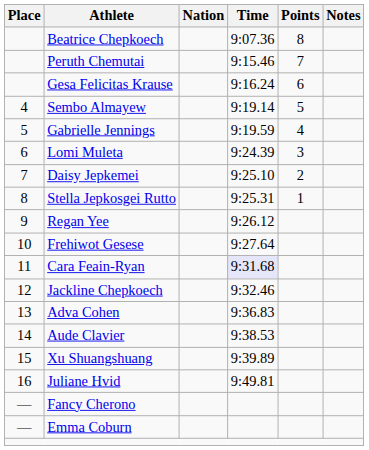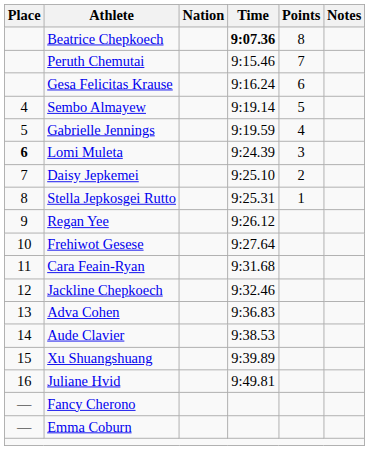 <table class="wikitable mw-datatable sortable" style="text-align:center;">
 <tr>
 <th scope="col">Place</th>
 <th scope="col">Athlete</th>
 <th scope="col">Nation</th>
 <th scope="col">Time</th>
 <th scope="col">Points</th>
 <th scope="col">Notes</th>
 </tr>
 <tr>
 <td></td>
 <td align="left"><a href='#'>Beatrice Chepkoech</a></td>
 <td align="left"></td>
-<td>9:07.36</td>
+<td><strong>9:07.36</strong></td>
 <td>8</td>
 <td></td>
 </tr>
 <tr>
 <td></td>
 <td align="left"><a href='#'>Peruth Chemutai</a></td>
 <td align="left"></td>
 <td>9:15.46</td>
 <td>7</td>
 <td></td>
 </tr>
 <tr>
 <td></td>
 <td align="left"><a href='#'>Gesa Felicitas Krause</a></td>
 <td align="left"></td>
 <td>9:16.24</td>
 <td>6</td>
 <td></td>
 </tr>
 <tr>
 <td>4</td>
 <td align="left"><a href='#'>Sembo Almayew</a></td>
 <td align="left"></td>
 <td>9:19.14</td>
 <td>5</td>
 <td></td>
 </tr>
 <tr>
 <td>5</td>
 <td align="left"><a href='#'>Gabrielle Jennings</a></td>
 <td align="left"></td>
 <td>9:19.59</td>
 <td>4</td>
 <td></td>
 </tr>
 <tr>
-<td>6</td>
+<td><strong>6</strong></td>
 <td align="left"><a href='#'>Lomi Muleta</a></td>
 <td align="left"></td>
 <td>9:24.39</td>
 <td>3</td>
 <td></td>
 </tr>
 <tr>
 <td>7</td>
 <td align="left"><a href='#'>Daisy Jepkemei</a></td>
 <td align="left"></td>
 <td>9:25.10</td>
 <td>2</td>
 <td></td>
 </tr>
 <tr>
 <td>8</td>
 <td align="left"><a href='#'>Stella Jepkosgei Rutto</a></td>
 <td align="left"></td>
 <td>9:25.31</td>
 <td>1</td>
 <td></td>
 </tr>
 <tr>
 <td>9</td>
 <td align="left"><a href='#'>Regan Yee</a></td>
 <td align="left"></td>
 <td>9:26.12</td>
 <td></td>
 <td></td>
 </tr>
 <tr>
 <td>10</td>
 <td align="left"><a href='#'>Frehiwot Gesese</a></td>
 <td align="left"></td>
 <td>9:27.64</td>
 <td></td>
 <td></td>
 </tr>
 <tr>
 <td>11</td>
 <td align="left"><a href='#'>Cara Feain-Ryan</a></td>
 <td align="left"></td>
-<td style="background: lavender;">9:31.68</td>
+<td>9:31.68</td>
 <td></td>
 <td></td>
 </tr>
 <tr>
 <td>12</td>
 <td align="left"><a href='#'>Jackline Chepkoech</a></td>
 <td align="left"></td>
 <td>9:32.46</td>
 <td></td>
 <td></td>
 </tr>
 <tr>
 <td>13</td>
 <td align="left"><a href='#'>Adva Cohen</a></td>
 <td align="left"></td>
 <td>9:36.83</td>
 <td></td>
 <td></td>
 </tr>
 <tr>
 <td>14</td>
 <td align="left"><a href='#'>Aude Clavier</a></td>
 <td align="left"></td>
 <td>9:38.53</td>
 <td></td>
 <td></td>
 </tr>
 <tr>
 <td>15</td>
 <td align="left"><a href='#'>Xu Shuangshuang</a></td>
 <td align="left"></td>
 <td>9:39.89</td>
 <td></td>
 <td></td>
 </tr>
 <tr>
 <td>16</td>
 <td align="left"><a href='#'>Juliane Hvid</a></td>
 <td align="left"></td>
 <td>9:49.81</td>
 <td></td>
 <td></td>
 </tr>
 <tr>
 <td>—</td>
 <td align="left"><a href='#'>Fancy Cherono</a></td>
 <td align="left"></td>
 <td></td>
 <td></td>
 <td></td>
 </tr>
 <tr>
 <td>—</td>
 <td align="left"><a href='#'>Emma Coburn</a></td>
 <td align="left"></td>
 <td></td>
 <td></td>
 <td></td>
 </tr>
 <tr class="sortbottom">
 <td colspan="6"></td>
 </tr>
 </table>
